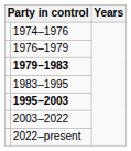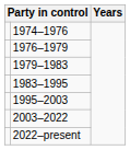 <table class="wikitable">
 <tr>
 <th colspan=2>Party in control</th>
 <th>Years</th>
 </tr>
 <tr>
 <td></td>
 <td>1974–1976</td>
 </tr>
 <tr>
 <td></td>
 <td>1976–1979</td>
 </tr>
 <tr>
 <td></td>
-<td><strong>1979–1983</strong></td>
+<td>1979–1983</td>
 </tr>
 <tr>
 <td></td>
 <td>1983–1995</td>
 </tr>
 <tr>
 <td></td>
-<td><strong>1995–2003</strong></td>
+<td>1995–2003</td>
 </tr>
 <tr>
 <td></td>
 <td>2003–2022</td>
 </tr>
 <tr>
 <td></td>
 <td>2022–present</td>
 </tr>
 </table>
